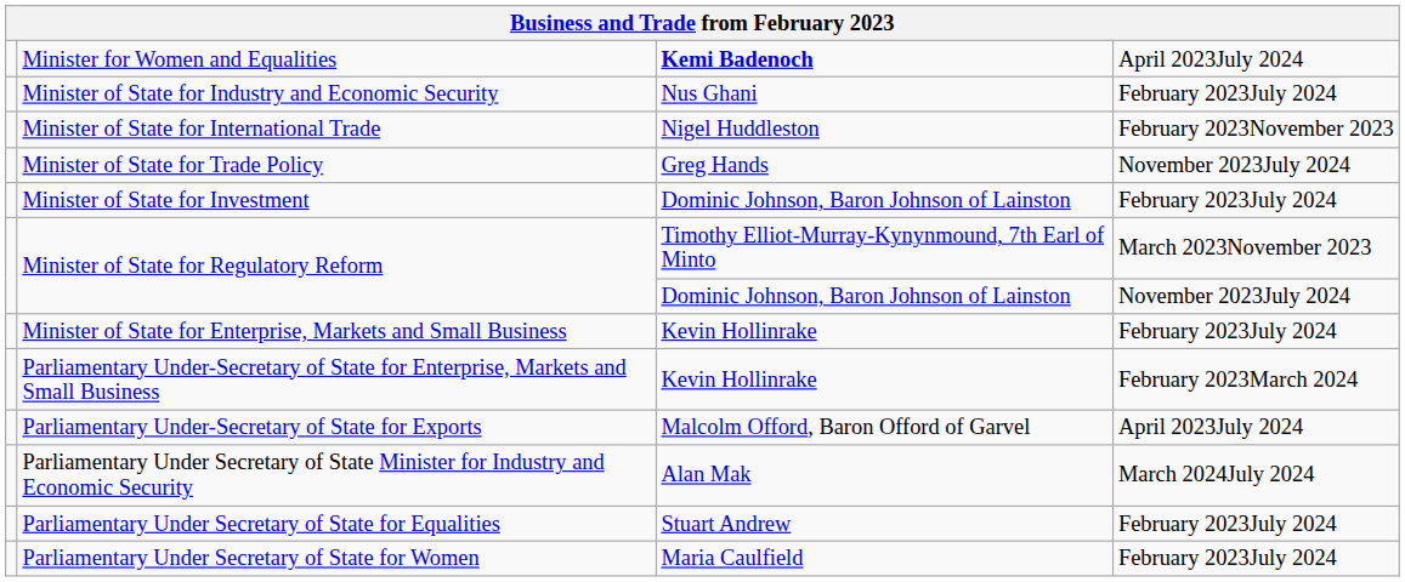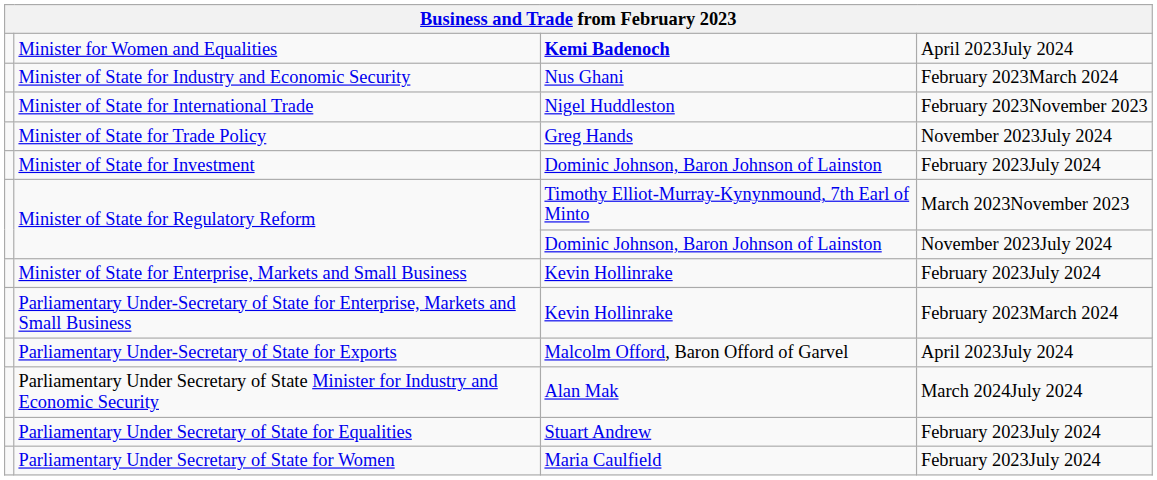 <table class="wikitable">
 <tr>
 <th colspan="4"><a href='#'>Business and Trade</a> from February 2023</th>
 </tr>
 <tr>
 <td style="width: 1px; background: "></td>
 <td style="width: 450px;"> <a href='#'>Minister for Women and Equalities</a></td>
 <td style="width: 320px;"><strong><a href='#'>Kemi Badenoch</a></strong></td>
 <td>April 2023July 2024</td>
 </tr>
 <tr>
 <td style="width: 1px; background: "></td>
 <td><a href='#'>Minister of State for Industry and Economic Security</a></td>
 <td><a href='#'>Nus Ghani</a> </td>
-<td>February 2023July 2024</td>
+<td>February 2023March 2024</td>
 </tr>
 <tr>
 <td rowspan=1 style="width: 1px; background: "></td>
 <td rowspan=1><a href='#'>Minister of State for International Trade</a></td>
 <td><a href='#'>Nigel Huddleston</a></td>
 <td>February 2023November 2023</td>
 </tr>
 <tr>
 <td rowspan=1 style="width: 1px; background: "></td>
 <td rowspan=1><a href='#'>Minister of State for Trade Policy</a><br> </td>
 <td><a href='#'>Greg Hands</a></td>
 <td>November 2023July 2024</td>
 </tr>
 <tr>
 <td style="width: 1px; background: "></td>
 <td><a href='#'>Minister of State for Investment</a></td>
 <td><a href='#'>Dominic Johnson, Baron Johnson of Lainston</a> </td>
 <td>February 2023July 2024</td>
 </tr>
 <tr>
 <td rowspan=2 style="width: 1px; background: "></td>
 <td rowspan=2><a href='#'>Minister of State for Regulatory Reform</a></td>
 <td><a href='#'>Timothy Elliot-Murray-Kynynmound, 7th Earl of Minto</a></td>
 <td>March 2023November 2023</td>
 </tr>
 <tr>
 <td><a href='#'>Dominic Johnson, Baron Johnson of Lainston</a> </td>
 <td>November 2023July 2024</td>
 </tr>
 <tr>
 <td style="width: 1px; background: "></td>
 <td><a href='#'>Minister of State for Enterprise, Markets and Small Business</a></td>
 <td><a href='#'>Kevin Hollinrake</a></td>
 <td>February 2023July 2024</td>
 </tr>
 <tr>
 <td style="width: 1px; background: "></td>
 <td><a href='#'>Parliamentary Under-Secretary of State for Enterprise, Markets and Small Business</a></td>
 <td><a href='#'>Kevin Hollinrake</a></td>
 <td>February 2023March 2024</td>
 </tr>
 <tr>
 <td rowspan=1 style="width: 1px; background: "></td>
 <td><a href='#'>Parliamentary Under-Secretary of State for Exports</a></td>
 <td><a href='#'>Malcolm Offord</a>, Baron Offord of Garvel </td>
 <td>April 2023July 2024</td>
 </tr>
 <tr>
 <td style="width: 1px; background: "></td>
 <td style="width: 450px;">Parliamentary Under Secretary of State <a href='#'>Minister for Industry and Economic Security</a></td>
 <td style="width: 320px;"><a href='#'>Alan Mak</a> </td>
 <td>March 2024July 2024</td>
 </tr>
 <tr>
 <td style="width: 1px; background: "></td>
 <td style="width: 450px;"><a href='#'>Parliamentary Under Secretary of State for Equalities</a></td>
 <td style="width: 320px;"><a href='#'>Stuart Andrew</a></td>
 <td>February 2023July 2024</td>
 </tr>
 <tr>
 <td style="width: 1px; background: "></td>
 <td style="width: 450px;"><a href='#'>Parliamentary Under Secretary of State for Women</a></td>
 <td style="width: 320px;"><a href='#'>Maria Caulfield</a></td>
 <td>February 2023July 2024</td>
 </tr>
 </table>
